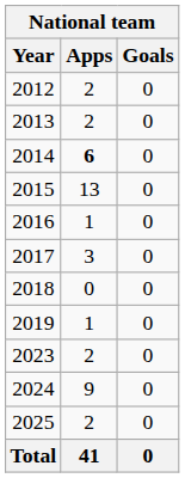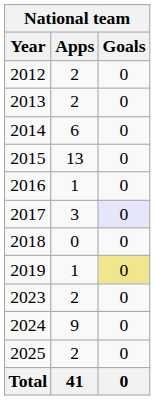 <table class="wikitable" style="text-align:center">
 <tr>
 <th colspan=3>National team</th>
 </tr>
 <tr>
 <th>Year</th>
 <th>Apps</th>
 <th>Goals</th>
 </tr>
 <tr>
 <td>2012</td>
 <td>2</td>
 <td>0</td>
 </tr>
 <tr>
 <td>2013</td>
 <td>2</td>
 <td>0</td>
 </tr>
 <tr>
 <td>2014</td>
-<td><strong>6</strong></td>
+<td>6</td>
 <td>0</td>
 </tr>
 <tr>
 <td>2015</td>
 <td>13</td>
 <td>0</td>
 </tr>
 <tr>
 <td>2016</td>
 <td>1</td>
 <td>0</td>
 </tr>
 <tr>
 <td>2017</td>
 <td>3</td>
-<td>0</td>
+<td style="background: lavender;">0</td>
 </tr>
 <tr>
 <td>2018</td>
 <td>0</td>
 <td>0</td>
 </tr>
 <tr>
 <td>2019</td>
 <td>1</td>
-<td>0</td>
+<td style="background: khaki;">0</td>
 </tr>
 <tr>
 <td>2023</td>
 <td>2</td>
 <td>0</td>
 </tr>
 <tr>
 <td>2024</td>
 <td>9</td>
 <td>0</td>
 </tr>
 <tr>
 <td>2025</td>
 <td>2</td>
 <td>0</td>
 </tr>
 <tr>
 <th>Total</th>
 <th>41</th>
 <th>0</th>
 </tr>
 </table>
